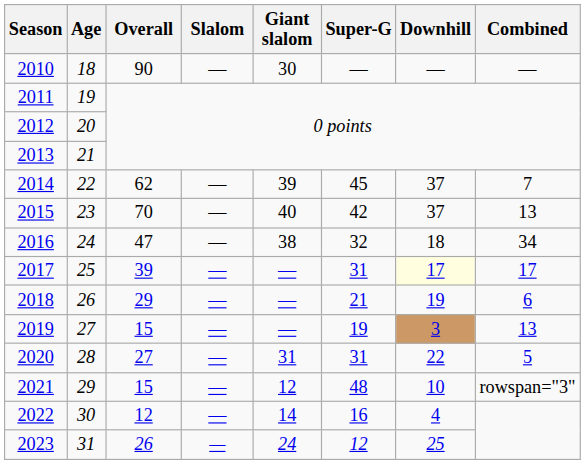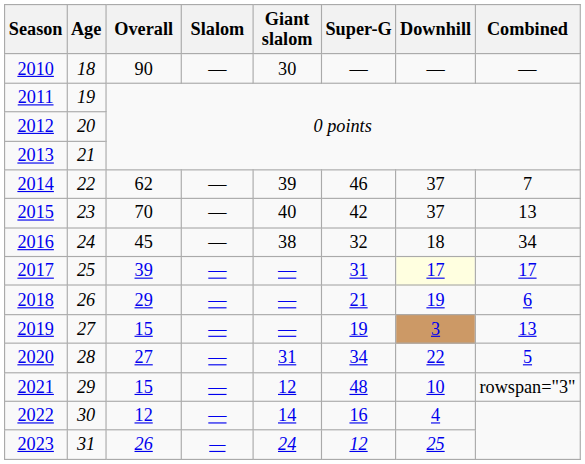 <table class=wikitable style="text-align:center">
 <tr>
 <th>Season</th>
 <th>Age</th>
 <th> Overall </th>
 <th> Slalom </th>
 <th>Giant<br> slalom </th>
 <th>Super-G</th>
 <th>Downhill</th>
 <th>Combined</th>
 </tr>
 <tr>
 <td><a href='#'>2010</a></td>
 <td><em>18</em></td>
 <td>90</td>
 <td>—</td>
 <td>30</td>
 <td>—</td>
 <td>—</td>
 <td>—</td>
 </tr>
 <tr>
 <td><a href='#'>2011</a></td>
 <td><em>19</em></td>
 <td rowspan=3 colspan=6><em>0 points</em></td>
 </tr>
 <tr>
 <td><a href='#'>2012</a></td>
 <td><em>20</em></td>
 </tr>
 <tr>
 <td><a href='#'>2013</a></td>
 <td><em>21</em></td>
 </tr>
 <tr>
 <td><a href='#'>2014</a></td>
 <td><em>22</em></td>
 <td>62</td>
 <td>—</td>
 <td>39</td>
-<td>45</td>
+<td>46</td>
 <td>37</td>
 <td>7</td>
 </tr>
 <tr>
 <td><a href='#'>2015</a></td>
 <td><em>23</em></td>
 <td>70</td>
 <td>—</td>
 <td>40</td>
 <td>42</td>
 <td>37</td>
 <td>13</td>
 </tr>
 <tr>
 <td><a href='#'>2016</a></td>
 <td><em>24</em></td>
-<td>47</td>
+<td>45</td>
 <td>—</td>
 <td>38</td>
 <td>32</td>
 <td>18</td>
 <td>34</td>
 </tr>
 <tr>
 <td><a href='#'>2017</a></td>
 <td><em>25</em></td>
 <td><a href='#'>39</a></td>
 <td><a href='#'>—</a></td>
 <td><a href='#'>—</a></td>
 <td><a href='#'>31</a></td>
 <td style="background: lightyellow;"><a href='#'>17</a></td>
 <td><a href='#'>17</a></td>
 </tr>
 <tr>
 <td><a href='#'>2018</a></td>
 <td><em>26</em></td>
 <td><a href='#'>29</a></td>
 <td><a href='#'>—</a></td>
 <td><a href='#'>—</a></td>
 <td><a href='#'>21</a></td>
 <td><a href='#'>19</a></td>
 <td><a href='#'>6</a></td>
 </tr>
 <tr>
 <td><a href='#'>2019</a></td>
 <td><em>27</em></td>
 <td><a href='#'>15</a></td>
 <td><a href='#'>—</a></td>
 <td><a href='#'>—</a></td>
 <td><a href='#'>19</a></td>
 <td bgcolor="cc9966"><a href='#'>3</a></td>
 <td><a href='#'>13</a></td>
 </tr>
 <tr>
 <td><a href='#'>2020</a></td>
 <td><em>28</em></td>
 <td><a href='#'>27</a></td>
 <td><a href='#'>—</a></td>
 <td><a href='#'>31</a></td>
-<td><a href='#'>31</a></td>
+<td><a href='#'>34</a></td>
 <td><a href='#'>22</a></td>
 <td><a href='#'>5</a></td>
 </tr>
 <tr>
 <td><a href='#'>2021</a></td>
 <td><em>29</em></td>
 <td><a href='#'>15</a></td>
 <td><a href='#'>—</a></td>
 <td><a href='#'>12</a></td>
 <td><a href='#'>48</a></td>
 <td><a href='#'>10</a></td>
 <td>rowspan="3" </td>
 </tr>
 <tr>
 <td><a href='#'>2022</a></td>
 <td><em>30</em></td>
 <td><a href='#'>12</a></td>
 <td><a href='#'>—</a></td>
 <td><a href='#'>14</a></td>
 <td><a href='#'>16</a></td>
 <td><a href='#'>4</a></td>
 </tr>
 <tr>
 <td><a href='#'>2023</a></td>
 <td><em>31</em></td>
 <td><em><a href='#'>26</a></em></td>
 <td><em><a href='#'>—</a></em></td>
 <td><em><a href='#'>24</a></em></td>
 <td><em><a href='#'>12</a></em></td>
 <td><em><a href='#'>25</a></em></td>
 </tr>
 </table>
